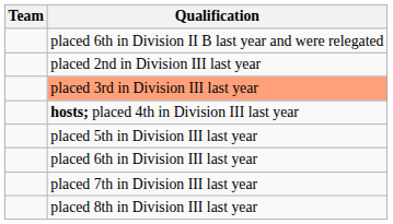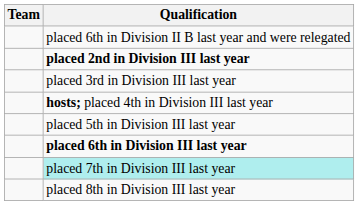 <table class="wikitable">
 <tr>
 <th>Team</th>
 <th>Qualification</th>
 </tr>
 <tr>
 <td></td>
 <td>placed 6th in Division II B last year and were relegated</td>
 </tr>
 <tr>
 <td></td>
-<td>placed 2nd in Division III last year</td>
+<td><strong>placed 2nd in Division III last year</strong></td>
 </tr>
 <tr>
 <td></td>
-<td style="background: lightsalmon;">placed 3rd in Division III last year</td>
+<td>placed 3rd in Division III last year</td>
 </tr>
 <tr>
 <td></td>
 <td><strong>hosts;</strong> placed 4th in Division III last year</td>
 </tr>
 <tr>
 <td></td>
 <td>placed 5th in Division III last year</td>
 </tr>
 <tr>
 <td></td>
-<td>placed 6th in Division III last year</td>
+<td><strong>placed 6th in Division III last year</strong></td>
 </tr>
 <tr>
 <td></td>
-<td>placed 7th in Division III last year</td>
+<td style="background: paleturquoise;">placed 7th in Division III last year</td>
 </tr>
 <tr>
 <td></td>
 <td>placed 8th in Division III last year</td>
 </tr>
 </table>
